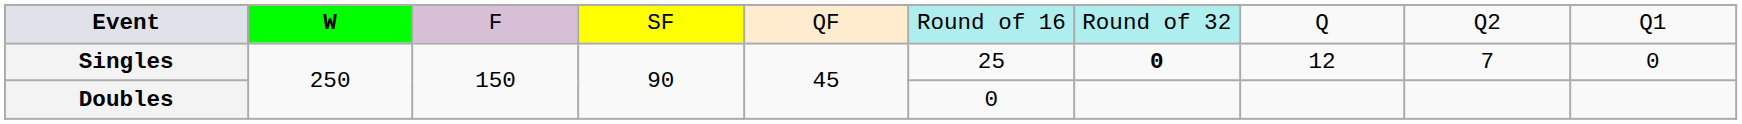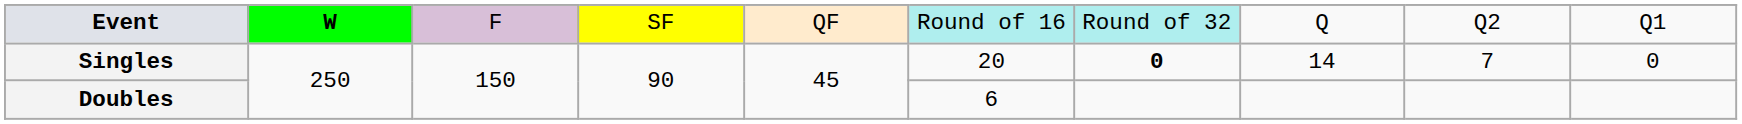 <table class="wikitable" style=font-size:90%;text-align:center>
 <tr>
 <td style="width:120px; background:#dfe2e9;"><strong>Event</strong></td>
 <td style="width:80px; background:lime;"><strong>W</strong></td>
 <td style="width:80px; background:thistle;">F</td>
 <td style="width:80px; background:#ff0;">SF</td>
 <td style="width:80px; background:#ffebcd;">QF</td>
 <td style="width:80px; background:#afeeee;">Round of 16</td>
 <td style="width:80px; background:#afeeee;">Round of 32</td>
 <td style="width:80px">Q</td>
 <td style="width:80px">Q2</td>
 <td style="width:80px">Q1</td>
 </tr>
 <tr>
 <th style="background:#f3f3f3;">Singles</th>
 <td rowspan=2>250</td>
 <td rowspan=2>150</td>
 <td rowspan=2>90</td>
 <td rowspan=2>45</td>
-<td>25</td>
+<td>20</td>
 <td><strong>0</strong></td>
-<td>12</td>
+<td>14</td>
 <td>7</td>
 <td>0</td>
 </tr>
 <tr>
 <th style="background:#f3f3f3;">Doubles</th>
-<td>0</td>
+<td>6</td>
 <td></td>
 <td></td>
 <td></td>
 <td></td>
 </tr>
 </table>
